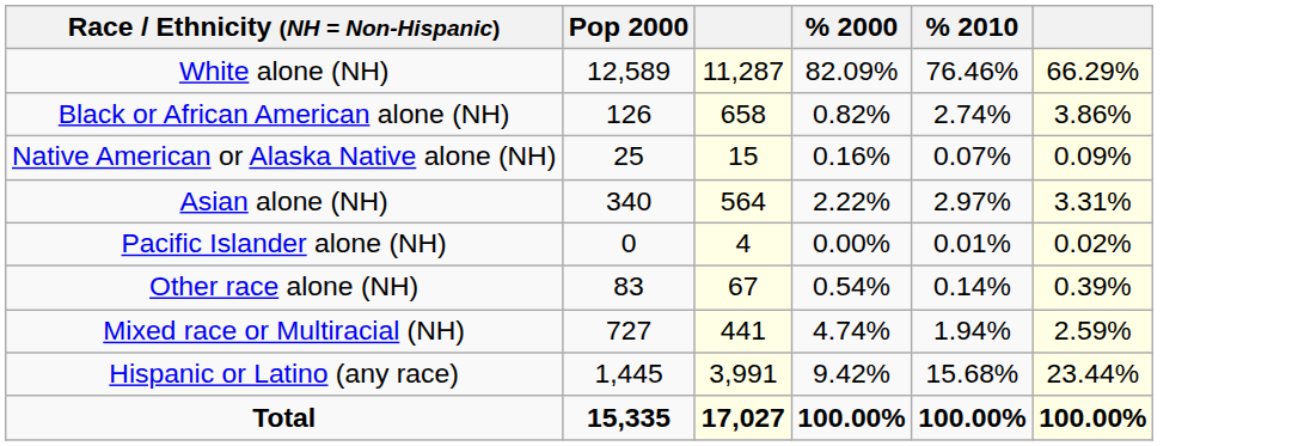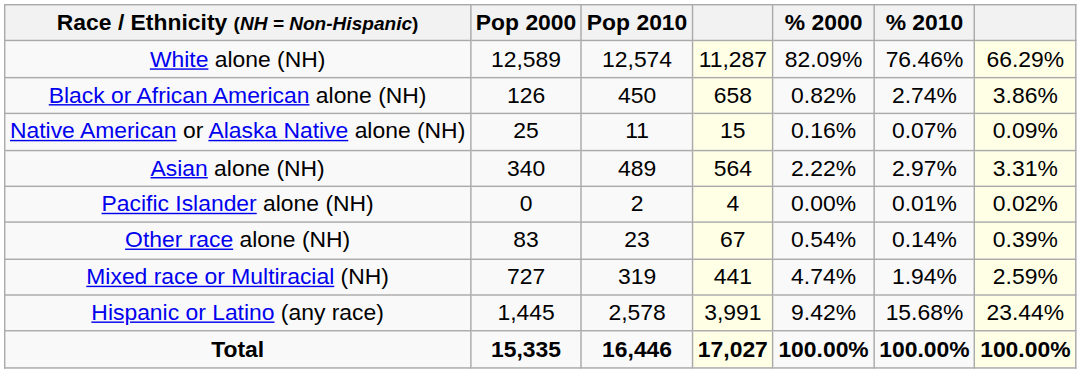 <table class="wikitable" style="text-align:center;">
 <tr>
 <th>Race / Ethnicity <small>(<em>NH = Non-Hispanic</em>)</small></th>
 <th>Pop 2000</th>
+<th>Pop 2010</th>
 <th></th>
 <th>% 2000</th>
 <th>% 2010</th>
 <th></th>
 </tr>
 <tr>
 <td><a href='#'>White</a> alone (NH)</td>
 <td>12,589</td>
+<td>12,574</td>
 <td style='background: #ffffe6;'>11,287</td>
 <td>82.09%</td>
 <td>76.46%</td>
 <td style='background: #ffffe6;'>66.29%</td>
 </tr>
 <tr>
 <td><a href='#'>Black or African American</a> alone (NH)</td>
 <td>126</td>
+<td>450</td>
 <td style='background: #ffffe6;'>658</td>
 <td>0.82%</td>
 <td>2.74%</td>
 <td style='background: #ffffe6;'>3.86%</td>
 </tr>
 <tr>
 <td><a href='#'>Native American</a> or <a href='#'>Alaska Native</a> alone (NH)</td>
 <td>25</td>
+<td>11</td>
 <td style='background: #ffffe6;'>15</td>
 <td>0.16%</td>
 <td>0.07%</td>
 <td style='background: #ffffe6;'>0.09%</td>
 </tr>
 <tr>
 <td><a href='#'>Asian</a> alone (NH)</td>
 <td>340</td>
+<td>489</td>
 <td style='background: #ffffe6;'>564</td>
 <td>2.22%</td>
 <td>2.97%</td>
 <td style='background: #ffffe6;'>3.31%</td>
 </tr>
 <tr>
 <td><a href='#'>Pacific Islander</a> alone (NH)</td>
 <td>0</td>
+<td>2</td>
 <td style='background: #ffffe6;'>4</td>
 <td>0.00%</td>
 <td>0.01%</td>
 <td style='background: #ffffe6;'>0.02%</td>
 </tr>
 <tr>
 <td><a href='#'>Other race</a> alone (NH)</td>
 <td>83</td>
+<td>23</td>
 <td style='background: #ffffe6;'>67</td>
 <td>0.54%</td>
 <td>0.14%</td>
 <td style='background: #ffffe6;'>0.39%</td>
 </tr>
 <tr>
 <td><a href='#'>Mixed race or Multiracial</a> (NH)</td>
 <td>727</td>
+<td>319</td>
 <td style='background: #ffffe6;'>441</td>
 <td>4.74%</td>
 <td>1.94%</td>
 <td style='background: #ffffe6;'>2.59%</td>
 </tr>
 <tr>
 <td><a href='#'>Hispanic or Latino</a> (any race)</td>
 <td>1,445</td>
+<td>2,578</td>
 <td style='background: #ffffe6;'>3,991</td>
 <td>9.42%</td>
 <td>15.68%</td>
 <td style='background: #ffffe6;'>23.44%</td>
 </tr>
 <tr>
 <td><strong>Total</strong></td>
 <td><strong>15,335</strong></td>
+<td><strong>16,446</strong></td>
 <td style='background: #ffffe6;'><strong>17,027</strong></td>
 <td><strong>100.00%</strong></td>
 <td><strong>100.00%</strong></td>
 <td style='background: #ffffe6;'><strong>100.00%</strong></td>
 </tr>
 </table>
